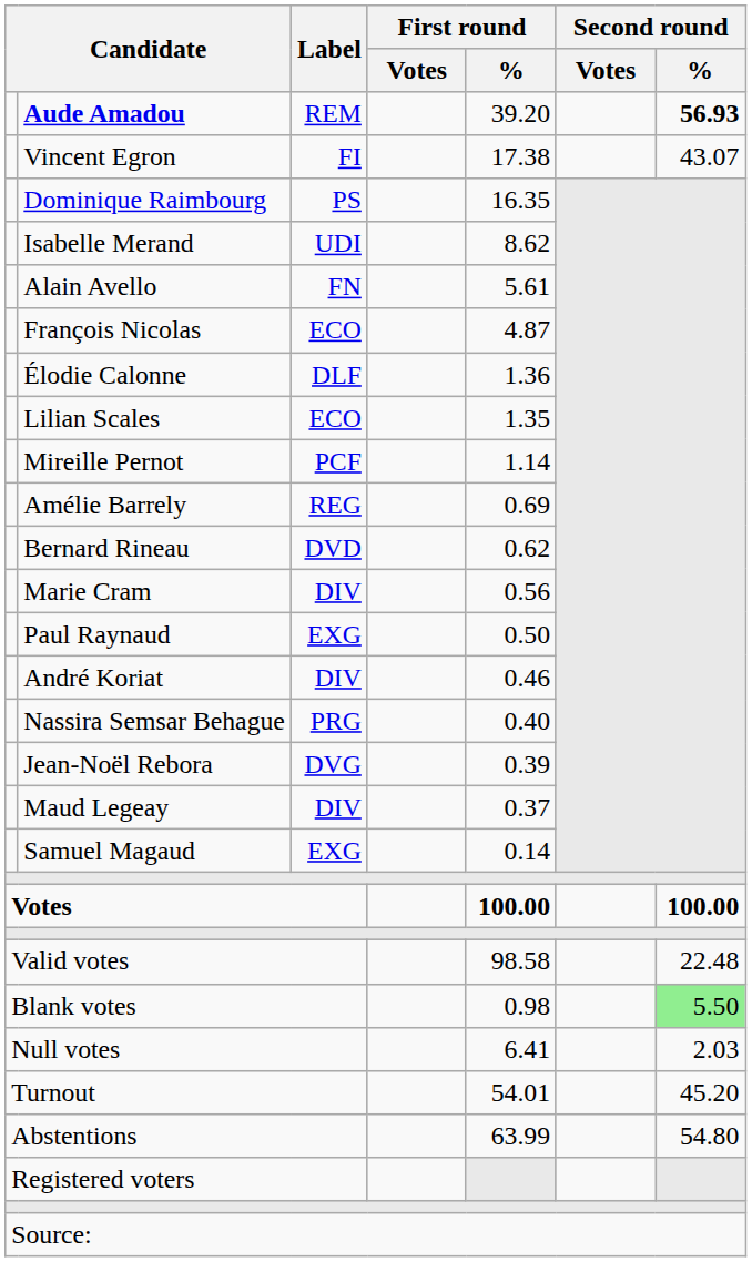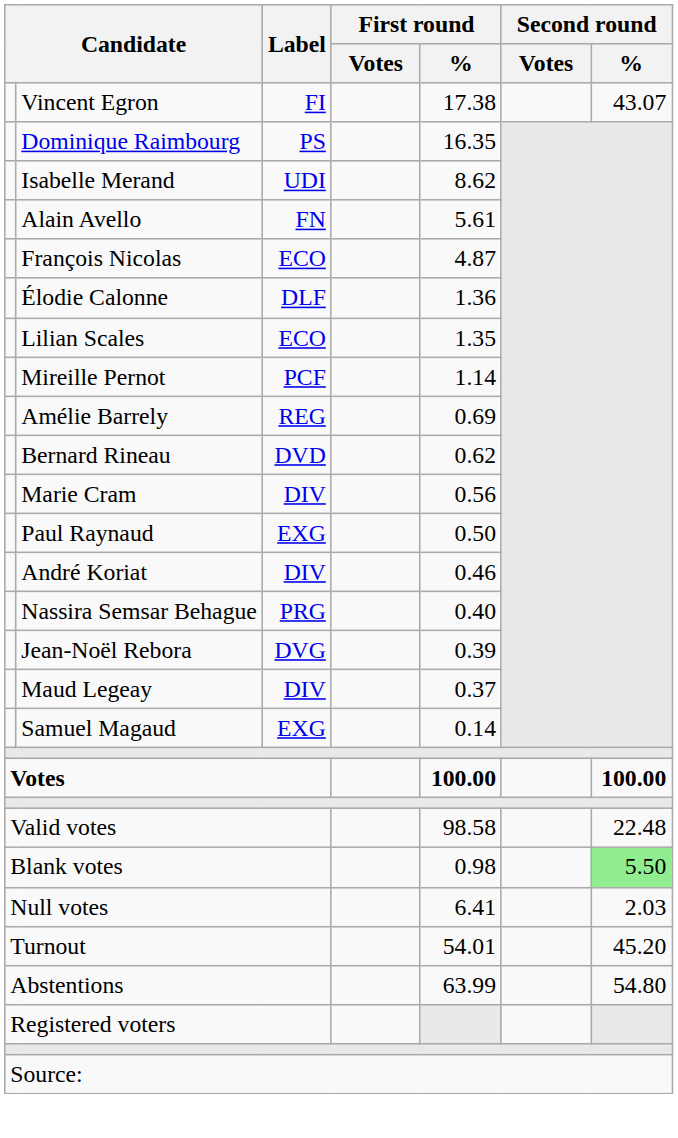 <table class="wikitable" style="text-align:right;font-size:95%;">
 <tr>
 <th rowspan="2" colspan="2">Candidate</th>
 <th rowspan="2">Label</th>
 <th colspan="2">First round</th>
 <th colspan="2">Second round</th>
 </tr>
 <tr>
 <th style="width:50px;">Votes</th>
 <th style="width:45px;">%</th>
 <th style="width:50px;">Votes</th>
 <th style="width:45px;">%</th>
-</tr>
-<tr>
-<td style="color:inherit;background:"></td>
-<td style="text-align:left;"><strong><a href='#'>Aude Amadou</a></strong></td>
-<td><a href='#'>REM</a></td>
-<td></td>
-<td>39.20</td>
-<td><strong></strong></td>
-<td><strong>56.93</strong></td>
 </tr>
 <tr>
 <td style="color:inherit;background:"></td>
 <td style="text-align:left;">Vincent Egron</td>
 <td><a href='#'>FI</a></td>
 <td></td>
 <td>17.38</td>
 <td></td>
 <td>43.07</td>
 </tr>
 <tr>
 <td style="color:inherit;background:"></td>
 <td style="text-align:left;"><a href='#'>Dominique Raimbourg</a></td>
 <td><a href='#'>PS</a></td>
 <td></td>
 <td>16.35</td>
 <td colspan="2" rowspan="16" style="background:#E9E9E9;"></td>
 </tr>
 <tr>
 <td style="color:inherit;background:"></td>
 <td style="text-align:left;">Isabelle Merand</td>
 <td><a href='#'>UDI</a></td>
 <td></td>
 <td>8.62</td>
 </tr>
 <tr>
 <td style="color:inherit;background:"></td>
 <td style="text-align:left;">Alain Avello</td>
 <td><a href='#'>FN</a></td>
 <td></td>
 <td>5.61</td>
 </tr>
 <tr>
 <td style="color:inherit;background:"></td>
 <td style="text-align:left;">François Nicolas</td>
 <td><a href='#'>ECO</a></td>
 <td></td>
 <td>4.87</td>
 </tr>
 <tr>
 <td style="color:inherit;background:"></td>
 <td style="text-align:left;">Élodie Calonne</td>
 <td><a href='#'>DLF</a></td>
 <td></td>
 <td>1.36</td>
 </tr>
 <tr>
 <td style="color:inherit;background:"></td>
 <td style="text-align:left;">Lilian Scales</td>
 <td><a href='#'>ECO</a></td>
 <td></td>
 <td>1.35</td>
 </tr>
 <tr>
 <td style="color:inherit;background:"></td>
 <td style="text-align:left;">Mireille Pernot</td>
 <td><a href='#'>PCF</a></td>
 <td></td>
 <td>1.14</td>
 </tr>
 <tr>
 <td style="color:inherit;background:"></td>
 <td style="text-align:left;">Amélie Barrely</td>
 <td><a href='#'>REG</a></td>
 <td></td>
 <td>0.69</td>
 </tr>
 <tr>
 <td style="color:inherit;background:"></td>
 <td style="text-align:left;">Bernard Rineau</td>
 <td><a href='#'>DVD</a></td>
 <td></td>
 <td>0.62</td>
 </tr>
 <tr>
 <td style="color:inherit;background:"></td>
 <td style="text-align:left;">Marie Cram</td>
 <td><a href='#'>DIV</a></td>
 <td></td>
 <td>0.56</td>
 </tr>
 <tr>
 <td style="color:inherit;background:"></td>
 <td style="text-align:left;">Paul Raynaud</td>
 <td><a href='#'>EXG</a></td>
 <td></td>
 <td>0.50</td>
 </tr>
 <tr>
 <td style="color:inherit;background:"></td>
 <td style="text-align:left;">André Koriat</td>
 <td><a href='#'>DIV</a></td>
 <td></td>
 <td>0.46</td>
 </tr>
 <tr>
 <td style="color:inherit;background:"></td>
 <td style="text-align:left;">Nassira Semsar Behague</td>
 <td><a href='#'>PRG</a></td>
 <td></td>
 <td>0.40</td>
 </tr>
 <tr>
 <td style="color:inherit;background:"></td>
 <td style="text-align:left;">Jean-Noël Rebora</td>
 <td><a href='#'>DVG</a></td>
 <td></td>
 <td>0.39</td>
 </tr>
 <tr>
 <td style="color:inherit;background:"></td>
 <td style="text-align:left;">Maud Legeay</td>
 <td><a href='#'>DIV</a></td>
 <td></td>
 <td>0.37</td>
 </tr>
 <tr>
 <td style="color:inherit;background:"></td>
 <td style="text-align:left;">Samuel Magaud</td>
 <td><a href='#'>EXG</a></td>
 <td></td>
 <td>0.14</td>
 </tr>
 <tr>
 <td colspan="7" style="background:#E9E9E9;"></td>
 </tr>
 <tr style="font-weight:bold;">
 <td colspan="3" style="text-align:left;">Votes</td>
 <td></td>
 <td>100.00</td>
 <td></td>
 <td>100.00</td>
 </tr>
 <tr>
 <td colspan="7" style="background:#E9E9E9;"></td>
 </tr>
 <tr>
 <td colspan="3" style="text-align:left;">Valid votes</td>
 <td></td>
 <td>98.58</td>
 <td></td>
 <td>22.48</td>
 </tr>
 <tr>
 <td colspan="3" style="text-align:left;">Blank votes</td>
 <td></td>
 <td>0.98</td>
 <td></td>
 <td style="background: lightgreen;">5.50</td>
 </tr>
 <tr>
 <td colspan="3" style="text-align:left;">Null votes</td>
 <td></td>
 <td>6.41</td>
 <td></td>
 <td>2.03</td>
 </tr>
 <tr>
 <td colspan="3" style="text-align:left;">Turnout</td>
 <td></td>
 <td>54.01</td>
 <td></td>
 <td>45.20</td>
 </tr>
 <tr>
 <td colspan="3" style="text-align:left;">Abstentions</td>
 <td></td>
 <td>63.99</td>
 <td></td>
 <td>54.80</td>
 </tr>
 <tr>
 <td colspan="3" style="text-align:left;">Registered voters</td>
 <td></td>
 <td style="color:inherit;background:#E9E9E9;"></td>
 <td></td>
 <td style="color:inherit;background:#E9E9E9;"></td>
 </tr>
 <tr>
 <td colspan="7" style="background:#E9E9E9;"></td>
 </tr>
 <tr>
 <td colspan="7" style="text-align:left;">Source: </td>
 </tr>
 </table>
